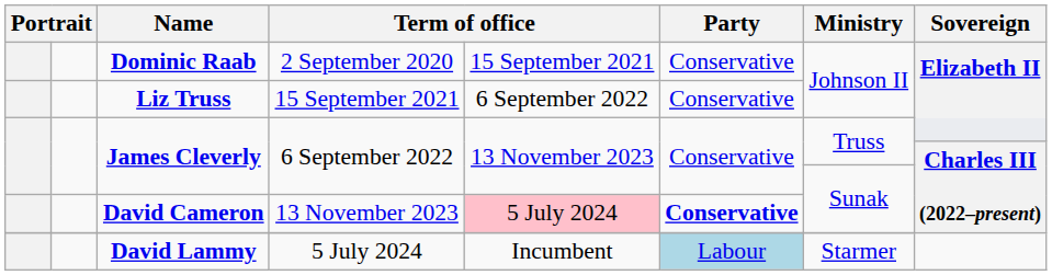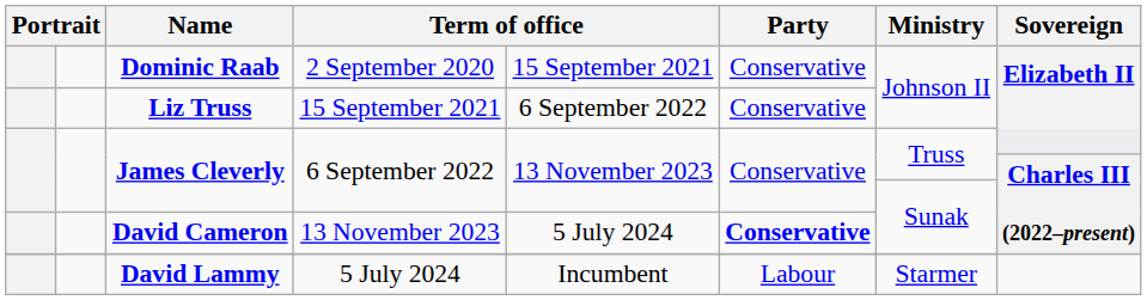 <table class="wikitable plainrowheaders" style="text-align:center">
 <tr>
 <th colspan=2>Portrait</th>
 <th>Name<br></th>
 <th colspan=2>Term of office</th>
 <th>Party</th>
 <th>Ministry</th>
 <th>Sovereign<br></th>
 </tr>
 <tr style="height:1em">
 <th style="background-color: "></th>
 <td></td>
 <td><strong><a href='#'>Dominic Raab</a></strong><br></td>
 <td><a href='#'>2 September 2020</a></td>
 <td><a href='#'>15 September 2021</a></td>
 <td><a href='#'>Conservative</a></td>
 <td rowspan=2 ><a href='#'>Johnson II</a></td>
 <th rowspan="2" scope="row" style="text-align:center; border-style: solid solid none solid"><strong><a href='#'>Elizabeth II</a></strong><br><br></th>
 </tr>
 <tr style="height:1em">
 <th style="background-color: "></th>
 <td></td>
 <td><strong><a href='#'>Liz Truss</a></strong><br></td>
 <td><a href='#'>15 September 2021</a></td>
 <td>6 September 2022</td>
 <td><a href='#'>Conservative</a></td>
 </tr>
 <tr style="height:1em">
 <th rowspan=3 style="background-color: "></th>
 <td rowspan=3></td>
 <td rowspan=3><strong><a href='#'>James Cleverly</a></strong><br></td>
 <td rowspan=3>6 September 2022</td>
 <td rowspan=3><a href='#'>13 November 2023</a></td>
 <td rowspan=3 ><a href='#'>Conservative</a></td>
 <td rowspan=2 ><a href='#'>Truss</a></td>
 <td style="background:#eaecf0 ; border-style: none solid solid solid ;"></td>
 </tr>
 <tr style="height:1em">
 <th rowspan=4 scope=row style="text-align:Center"><strong><a href='#'>Charles III</a></strong><br><br><small>(2022–<em>present</em>)</small></th>
 </tr>
 <tr>
 <td rowspan=2 ><a href='#'>Sunak</a></td>
 </tr>
 <tr style="height:1em">
 <th style="background-color: "></th>
 <td></td>
 <td rowspan=1><strong><a href='#'>David Cameron</a></strong><br></td>
 <td rowspan=1><a href='#'>13 November 2023</a></td>
-<td rowspan=1 style="background: pink;">5 July 2024</td>
+<td rowspan=1>5 July 2024</td>
 <td><strong><a href='#'>Conservative</a></strong></td>
 </tr>
 <tr>
 </tr>
 <tr style="height:1em">
 <th style="background-color: "></th>
 <td></td>
 <td rowspan=1><strong><a href='#'>David Lammy</a></strong> <br></td>
 <td rowspan=1>5 July 2024</td>
 <td rowspan=1>Incumbent</td>
-<td style="background: lightblue;"><a href='#'>Labour</a></td>
+<td><a href='#'>Labour</a></td>
 <td><a href='#'>Starmer</a></td>
 </tr>
 </table>
